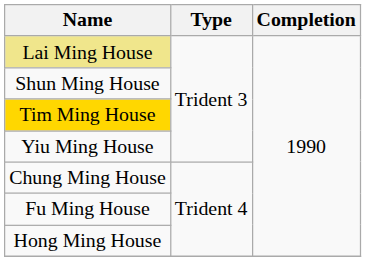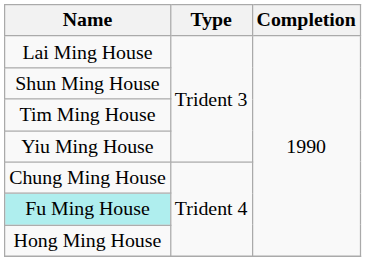 <table class="wikitable" style="text-align: center">
 <tr>
 <th>Name</th>
 <th>Type</th>
 <th>Completion</th>
 </tr>
 <tr>
-<td style="background: khaki;">Lai Ming House</td>
+<td>Lai Ming House</td>
 <td rowspan="4">Trident 3</td>
 <td rowspan="7">1990</td>
 </tr>
 <tr>
 <td>Shun Ming House</td>
 </tr>
 <tr>
-<td style="background: gold;">Tim Ming House</td>
+<td>Tim Ming House</td>
 </tr>
 <tr>
 <td>Yiu Ming House</td>
 </tr>
 <tr>
 <td>Chung Ming House</td>
 <td rowspan="3">Trident 4</td>
 </tr>
 <tr>
-<td>Fu Ming House</td>
+<td style="background: paleturquoise;">Fu Ming House</td>
 </tr>
 <tr>
 <td>Hong Ming House</td>
 </tr>
 <tr>
 </tr>
 </table>
